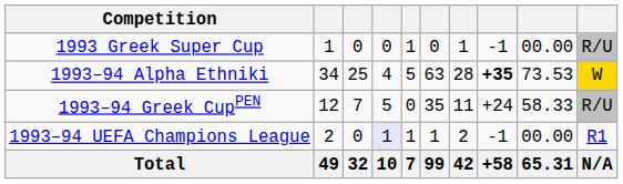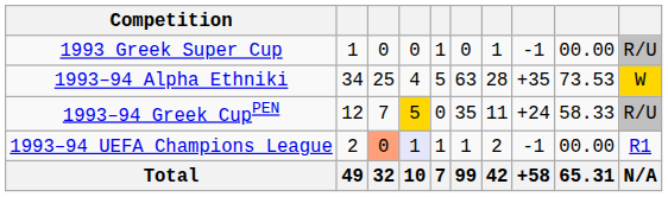 <table class="wikitable" style="text-align:center">
 <tr>
 <th>Competition</th>
 <th></th>
 <th></th>
 <th></th>
 <th></th>
 <th></th>
 <th></th>
 <th></th>
 <th></th>
 <th></th>
 </tr>
 <tr>
 <td><a href='#'>1993 Greek Super Cup</a></td>
 <td>1</td>
 <td>0</td>
 <td>0</td>
 <td>1</td>
 <td>0</td>
 <td>1</td>
 <td>-1</td>
 <td>00.00</td>
 <td bgcolor=#C0C0C0>R/U</td>
 </tr>
 <tr>
 <td><a href='#'>1993–94 Alpha Ethniki</a></td>
 <td>34</td>
 <td>25</td>
 <td>4</td>
 <td>5</td>
 <td>63</td>
 <td>28</td>
-<td><strong>+35</strong></td>
+<td>+35</td>
 <td>73.53</td>
 <td bgcolor=#FFD700>W</td>
 </tr>
 <tr>
 <td><a href='#'>1993–94 Greek Cup</a><sup><a href='#'>PEN</a></sup></td>
 <td>12</td>
 <td>7</td>
-<td>5</td>
+<td style="background: gold;">5</td>
 <td>0</td>
 <td>35</td>
 <td>11</td>
 <td>+24</td>
 <td>58.33</td>
 <td bgcolor=#C0C0C0>R/U</td>
 </tr>
 <tr>
 <td><a href='#'>1993–94 UEFA Champions League</a></td>
 <td>2</td>
-<td>0</td>
+<td style="background: lightsalmon;">0</td>
 <td style="background: lavender;">1</td>
 <td>1</td>
 <td>1</td>
 <td>2</td>
 <td>-1</td>
 <td>00.00</td>
 <td><a href='#'>R1</a></td>
 </tr>
 <tr>
 <th>Total</th>
 <th>49</th>
 <th>32</th>
 <th>10</th>
 <th>7</th>
 <th>99</th>
 <th>42</th>
 <th>+58</th>
 <th>65.31</th>
 <th>N/A</th>
 </tr>
 </table>
